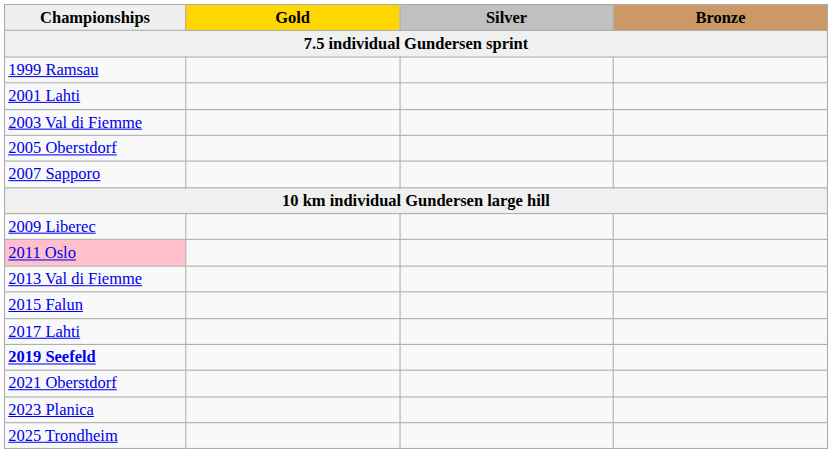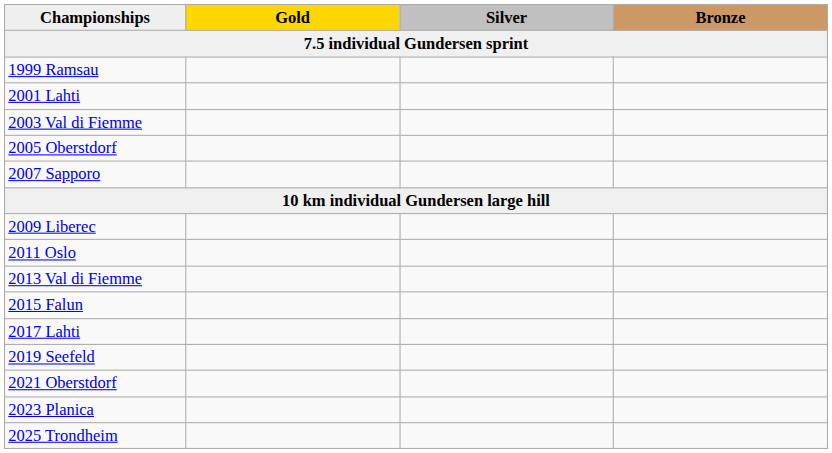 <table class="wikitable sortable" style="width:800px;">
 <tr>
 <th style="width:22%; background:#efefef;">Championships</th>
 <th style="width:26%; background:gold">Gold</th>
 <th style="width:26%; background:silver">Silver</th>
 <th style="width:26%; background:#CC9966">Bronze</th>
 </tr>
 <tr>
 <td colspan=4 align=center bgcolor=F0F0F0><strong>7.5 individual Gundersen sprint</strong></td>
 </tr>
 <tr>
 <td><a href='#'>1999 Ramsau</a></td>
 <td></td>
 <td></td>
 <td></td>
 </tr>
 <tr>
 <td><a href='#'>2001 Lahti</a></td>
 <td></td>
 <td></td>
 <td></td>
 </tr>
 <tr>
 <td><a href='#'>2003 Val di Fiemme</a></td>
 <td></td>
 <td></td>
 <td></td>
 </tr>
 <tr>
 <td><a href='#'>2005 Oberstdorf</a></td>
 <td></td>
 <td></td>
 <td></td>
 </tr>
 <tr>
 <td><a href='#'>2007 Sapporo</a></td>
 <td></td>
 <td></td>
 <td></td>
 </tr>
 <tr>
 <td colspan=4 align=center bgcolor=F0F0F0><strong>10 km individual Gundersen large hill</strong></td>
 </tr>
 <tr>
 <td><a href='#'>2009 Liberec</a></td>
 <td></td>
 <td></td>
 <td></td>
 </tr>
 <tr>
-<td style="background: pink;"><a href='#'>2011 Oslo</a></td>
+<td><a href='#'>2011 Oslo</a></td>
 <td></td>
 <td></td>
 <td></td>
 </tr>
 <tr>
 <td><a href='#'>2013 Val di Fiemme</a></td>
 <td></td>
 <td></td>
 <td></td>
 </tr>
 <tr>
 <td><a href='#'>2015 Falun</a></td>
 <td></td>
 <td></td>
 <td></td>
 </tr>
 <tr>
 <td><a href='#'>2017 Lahti</a></td>
 <td></td>
 <td></td>
 <td></td>
 </tr>
 <tr>
-<td><strong><a href='#'>2019 Seefeld</a></strong></td>
+<td><a href='#'>2019 Seefeld</a></td>
 <td></td>
 <td></td>
 <td></td>
 </tr>
 <tr>
 <td><a href='#'>2021 Oberstdorf</a></td>
 <td></td>
 <td></td>
 <td></td>
 </tr>
 <tr>
 <td><a href='#'>2023 Planica</a></td>
 <td></td>
 <td></td>
 <td></td>
 </tr>
 <tr>
 <td><a href='#'>2025 Trondheim</a></td>
 <td></td>
 <td></td>
 <td></td>
 </tr>
 </table>
